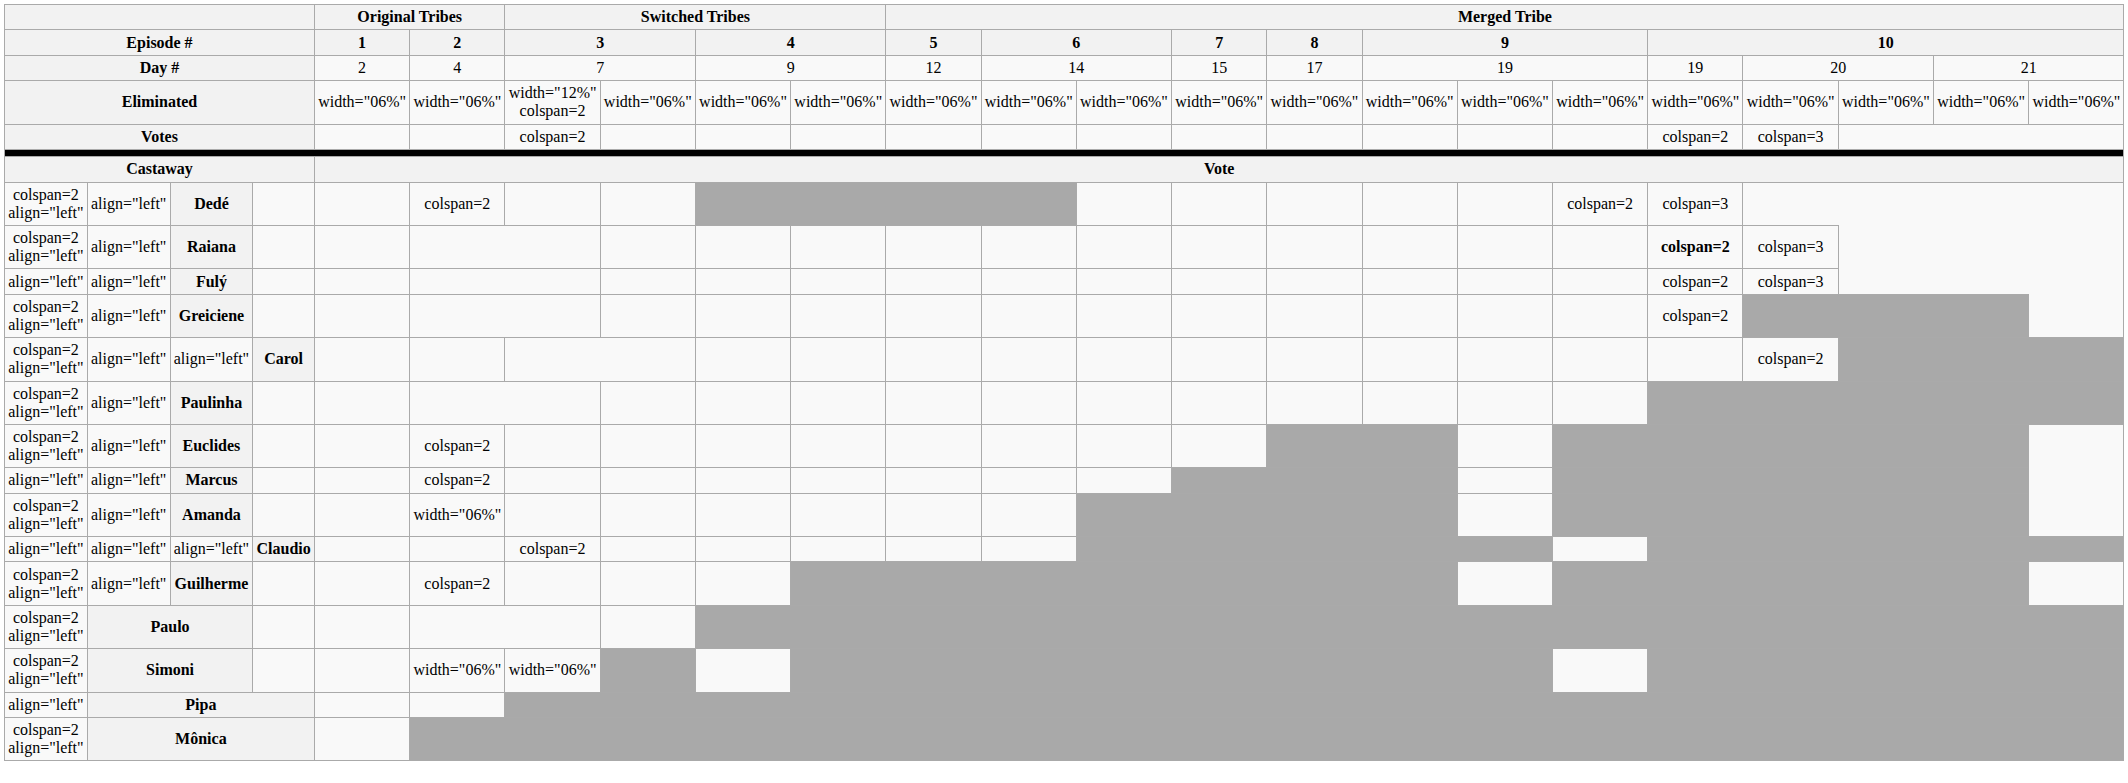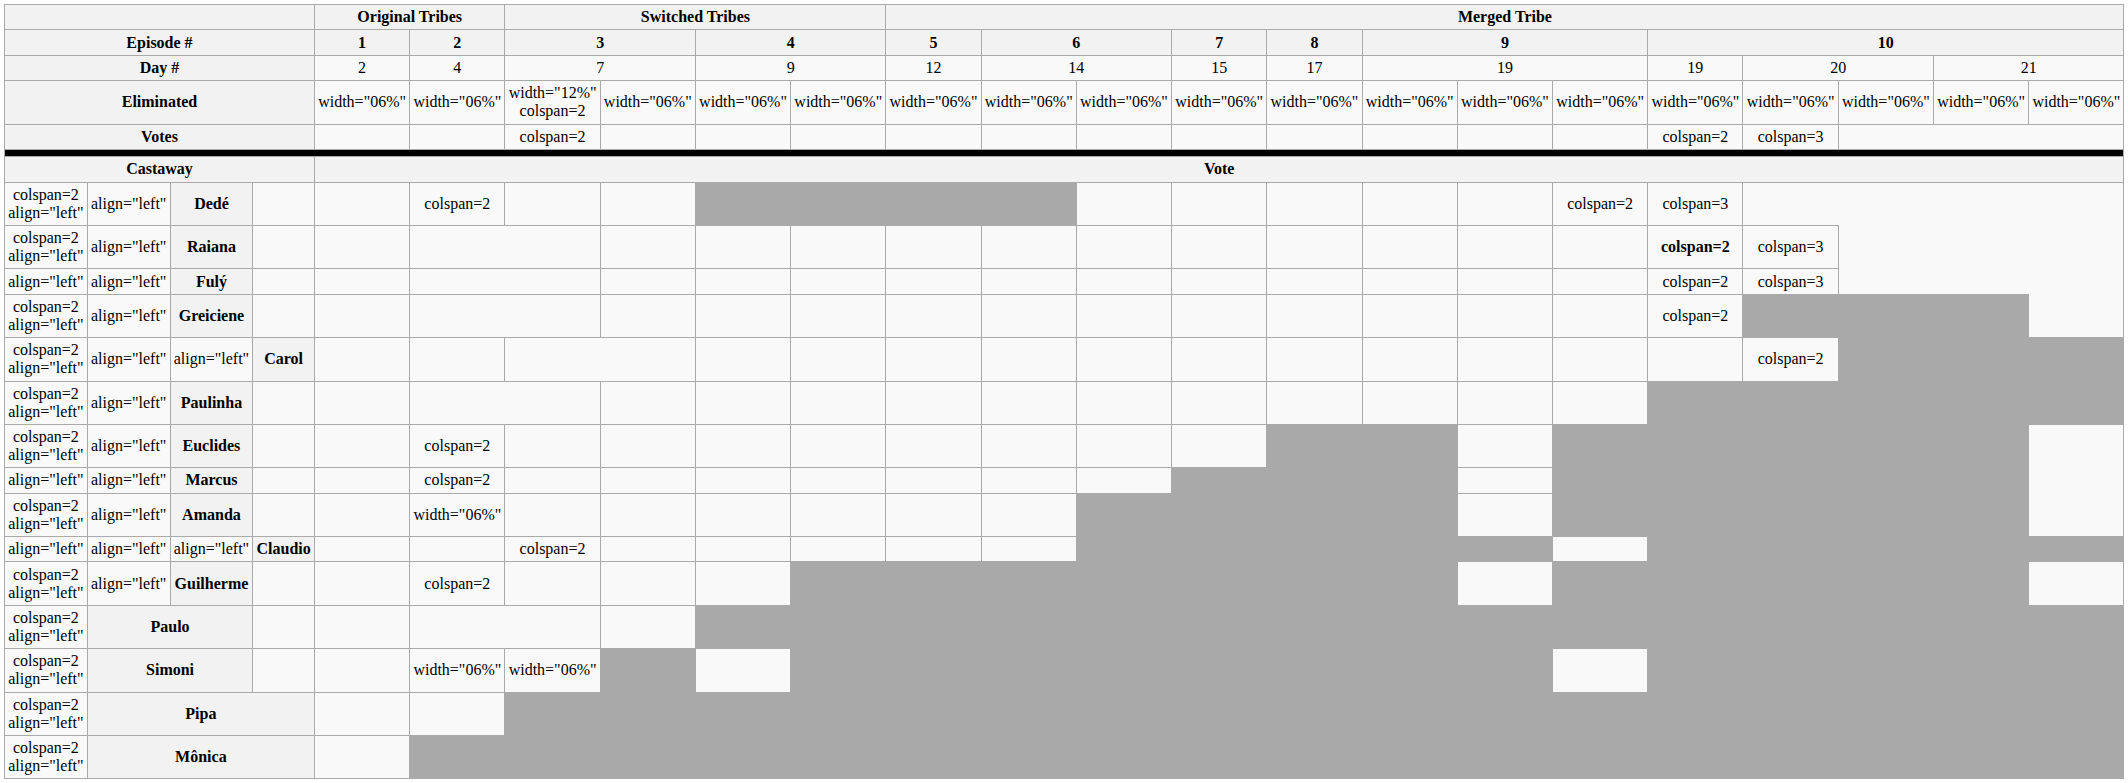 <table class="wikitable" width=100% style="text-align:center;">
 <tr>
 <th colspan=4></th>
 <th colspan=2>Original Tribes</th>
 <th colspan=4>Switched Tribes</th>
 <th colspan=14>Merged Tribe</th>
 </tr>
 <tr>
 <th colspan=4>Episode #</th>
 <th>1</th>
 <th>2</th>
 <th colspan=2>3</th>
 <th colspan=2>4</th>
 <th>5</th>
 <th colspan=2>6</th>
 <th>7</th>
 <th>8</th>
 <th colspan=3>9</th>
 <th colspan=6>10</th>
 </tr>
 <tr>
 <th colspan=4>Day #</th>
 <td>2</td>
 <td>4</td>
 <td colspan=2>7</td>
 <td colspan=2>9</td>
 <td>12</td>
 <td colspan=2>14</td>
 <td>15</td>
 <td>17</td>
 <td colspan=3>19</td>
 <td>19</td>
 <td colspan=2>20</td>
 <td colspan=3>21</td>
 </tr>
 <tr>
 <th width="06%" colspan=4>Eliminated</th>
 <td>width="06%" </td>
 <td>width="06%" </td>
 <td>width="12%" colspan=2 </td>
 <td>width="06%" </td>
 <td>width="06%" </td>
 <td>width="06%" </td>
 <td>width="06%" </td>
 <td>width="06%" </td>
 <td>width="06%" </td>
 <td>width="06%" </td>
 <td>width="06%" </td>
 <td>width="06%" </td>
 <td>width="06%" </td>
 <td>width="06%" </td>
 <td>width="06%" </td>
 <td>width="06%" </td>
 <td>width="06%" </td>
 <td>width="06%" </td>
 <td>width="06%" </td>
 </tr>
 <tr>
 <th colspan=4>Votes</th>
 <td></td>
 <td></td>
 <td>colspan=2 </td>
 <td></td>
 <td></td>
 <td></td>
 <td></td>
 <td></td>
 <td></td>
 <td></td>
 <td></td>
 <td></td>
 <td></td>
 <td></td>
 <td>colspan=2 </td>
 <td>colspan=3 </td>
 </tr>
 <tr>
 <td colspan=24 bgcolor=000000></td>
 </tr>
 <tr>
 <th colspan=4>Castaway</th>
 <th colspan=20>Vote</th>
 </tr>
 <tr>
 <td>colspan=2 align="left" </td>
 <td>align="left" </td>
 <th>Dedé</th>
 <td></td>
 <td></td>
 <td>colspan=2 </td>
 <td></td>
 <td></td>
 <td bgcolor="A9A9A9" colspan=4></td>
 <td></td>
 <td></td>
 <td></td>
 <td></td>
 <td></td>
 <td>colspan=2 </td>
 <td>colspan=3 </td>
 </tr>
 <tr>
 <td>colspan=2 align="left" </td>
 <td>align="left" </td>
 <th>Raiana</th>
 <td></td>
 <td></td>
 <td colspan="2"></td>
 <td></td>
 <td></td>
 <td></td>
 <td></td>
 <td></td>
 <td></td>
 <td></td>
 <td></td>
 <td></td>
 <td></td>
 <td></td>
 <td><strong>colspan=2 </strong></td>
 <td>colspan=3 </td>
 </tr>
 <tr>
 <td>align="left" </td>
 <td>align="left" </td>
 <th>Fulý</th>
 <td></td>
 <td></td>
 <td colspan=2></td>
 <td></td>
 <td></td>
 <td></td>
 <td></td>
 <td></td>
 <td></td>
 <td></td>
 <td></td>
 <td></td>
 <td></td>
 <td></td>
 <td>colspan=2 </td>
 <td>colspan=3 </td>
 </tr>
 <tr>
 <td>colspan=2 align="left" </td>
 <td>align="left" </td>
 <th>Greiciene</th>
 <td></td>
 <td></td>
 <td colspan=2></td>
 <td></td>
 <td></td>
 <td></td>
 <td></td>
 <td></td>
 <td></td>
 <td></td>
 <td></td>
 <td></td>
 <td></td>
 <td></td>
 <td>colspan=2 </td>
 <td bgcolor="A9A9A9" colspan=3></td>
 </tr>
 <tr>
 <td>colspan=2 align="left" </td>
 <td>align="left" </td>
 <td>align="left" </td>
 <th>Carol</th>
 <td></td>
 <td></td>
 <td colspan=2></td>
 <td></td>
 <td></td>
 <td></td>
 <td></td>
 <td></td>
 <td></td>
 <td></td>
 <td></td>
 <td></td>
 <td></td>
 <td></td>
 <td>colspan=2 </td>
 <td bgcolor="A9A9A9" colspan=3></td>
 </tr>
 <tr>
 <td>colspan=2 align="left" </td>
 <td>align="left" </td>
 <th>Paulinha</th>
 <td></td>
 <td></td>
 <td colspan="2"></td>
 <td></td>
 <td></td>
 <td></td>
 <td></td>
 <td></td>
 <td></td>
 <td></td>
 <td></td>
 <td></td>
 <td></td>
 <td></td>
 <td bgcolor="A9A9A9" colspan=5></td>
 </tr>
 <tr>
 <td>colspan=2 align="left" </td>
 <td>align="left" </td>
 <th>Euclides</th>
 <td></td>
 <td></td>
 <td>colspan=2 </td>
 <td></td>
 <td></td>
 <td></td>
 <td></td>
 <td></td>
 <td></td>
 <td></td>
 <td></td>
 <td bgcolor="A9A9A9" colspan=2></td>
 <td></td>
 <td bgcolor="A9A9A9" colspan=5></td>
 </tr>
 <tr>
 <td>align="left" </td>
 <td>align="left" </td>
 <th>Marcus</th>
 <td></td>
 <td></td>
 <td>colspan=2 </td>
 <td></td>
 <td></td>
 <td></td>
 <td></td>
 <td></td>
 <td></td>
 <td></td>
 <td bgcolor="A9A9A9" colspan=3></td>
 <td></td>
 <td bgcolor="A9A9A9" colspan=5></td>
 </tr>
 <tr>
 <td>colspan=2 align="left" </td>
 <td>align="left" </td>
 <th>Amanda</th>
 <td></td>
 <td></td>
 <td>width="06%" </td>
 <td></td>
 <td></td>
 <td></td>
 <td></td>
 <td></td>
 <td></td>
 <td bgcolor="A9A9A9" colspan=4></td>
 <td></td>
 <td bgcolor="A9A9A9" colspan=5></td>
 </tr>
 <tr>
 <td>align="left" </td>
 <td>align="left" </td>
 <td>align="left" </td>
 <th>Claudio</th>
 <td></td>
 <td></td>
 <td>colspan=2 </td>
 <td></td>
 <td></td>
 <td></td>
 <td></td>
 <td></td>
 <td bgcolor="A9A9A9" colspan=5></td>
 <td></td>
 <td bgcolor="A9A9A9" colspan=5></td>
 </tr>
 <tr>
 <td>colspan=2 align="left" </td>
 <td>align="left" </td>
 <th>Guilherme</th>
 <td></td>
 <td></td>
 <td>colspan=2 </td>
 <td></td>
 <td></td>
 <td></td>
 <td bgcolor="A9A9A9" colspan=7></td>
 <td></td>
 <td bgcolor="A9A9A9" colspan=5></td>
 </tr>
 <tr>
 <td>colspan=2 align="left" </td>
 <th colspan=2>Paulo</th>
 <td></td>
 <td></td>
 <td colspan=2></td>
 <td></td>
 <td bgcolor="A9A9A9" colspan=15></td>
 </tr>
 <tr>
 <td>colspan=2 align="left" </td>
 <th colspan=2>Simoni</th>
 <td></td>
 <td></td>
 <td>width="06%" </td>
 <td>width="06%" </td>
 <td bgcolor="A9A9A9" colspan=1></td>
 <td></td>
 <td bgcolor="A9A9A9" colspan=8></td>
 <td></td>
 <td bgcolor="A9A9A9" colspan=5></td>
 </tr>
 <tr>
-<td>align="left" </td>
+<td>colspan=2 align="left" </td>
 <th colspan=3>Pipa</th>
 <td></td>
 <td></td>
 <td bgcolor="A9A9A9" colspan=18></td>
 </tr>
 <tr>
 <td>colspan=2 align="left" </td>
 <th colspan=3>Mônica</th>
 <td></td>
 <td bgcolor="A9A9A9" colspan=19></td>
 </tr>
 </table>
